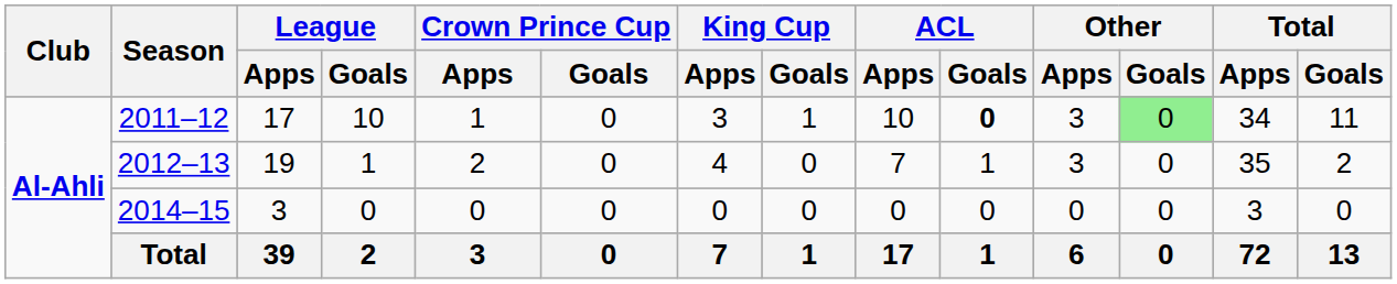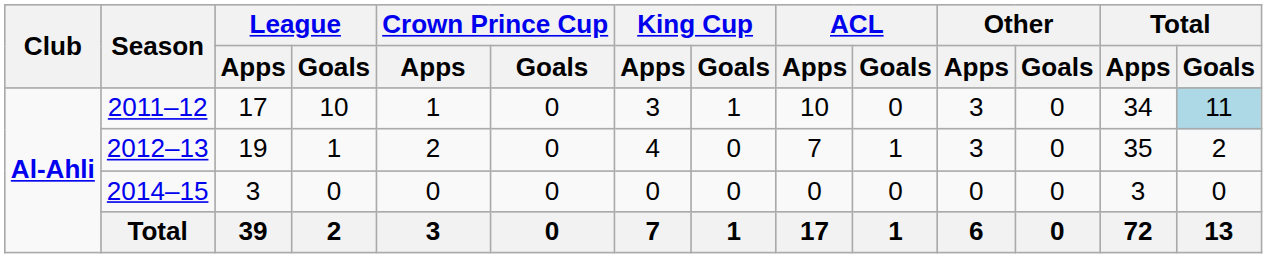 <table class="wikitable" style="text-align: center;">
 <tr>
 <th rowspan="2">Club</th>
 <th rowspan="2">Season</th>
 <th colspan="2"><a href='#'>League</a></th>
 <th colspan="2"><a href='#'>Crown Prince Cup</a></th>
 <th colspan="2"><a href='#'>King Cup</a></th>
 <th colspan="2"><a href='#'>ACL</a></th>
 <th colspan="2">Other</th>
 <th colspan="2">Total</th>
 </tr>
 <tr>
 <th>Apps</th>
 <th>Goals</th>
 <th>Apps</th>
 <th>Goals</th>
 <th>Apps</th>
 <th>Goals</th>
 <th>Apps</th>
 <th>Goals</th>
 <th>Apps</th>
 <th>Goals</th>
 <th>Apps</th>
 <th>Goals</th>
 </tr>
 <tr>
 <td rowspan="4" align="center"><strong><a href='#'>Al-Ahli</a></strong></td>
 <td><a href='#'>2011–12</a></td>
 <td>17</td>
 <td>10</td>
 <td>1</td>
 <td>0</td>
 <td>3</td>
 <td>1</td>
 <td>10</td>
-<td><strong>0</strong></td>
+<td>0</td>
 <td>3</td>
-<td style="background: lightgreen;">0</td>
+<td>0</td>
 <td>34</td>
-<td>11</td>
+<td style="background: lightblue;">11</td>
 </tr>
 <tr>
 <td><a href='#'>2012–13</a></td>
 <td>19</td>
 <td>1</td>
 <td>2</td>
 <td>0</td>
 <td>4</td>
 <td>0</td>
 <td>7</td>
 <td>1</td>
 <td>3</td>
 <td>0</td>
 <td>35</td>
 <td>2</td>
 </tr>
 <tr>
 <td><a href='#'>2014–15</a></td>
 <td>3</td>
 <td>0</td>
 <td>0</td>
 <td>0</td>
 <td>0</td>
 <td>0</td>
 <td>0</td>
 <td>0</td>
 <td>0</td>
 <td>0</td>
 <td>3</td>
 <td>0</td>
 </tr>
 <tr>
 <th>Total</th>
 <th>39</th>
 <th>2</th>
 <th>3</th>
 <th>0</th>
 <th>7</th>
 <th>1</th>
 <th>17</th>
 <th>1</th>
 <th>6</th>
 <th>0</th>
 <th>72</th>
 <th>13</th>
 </tr>
 </table>
